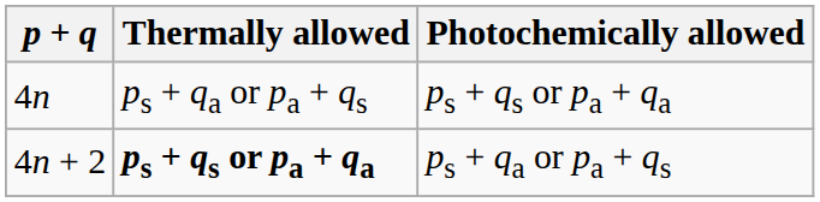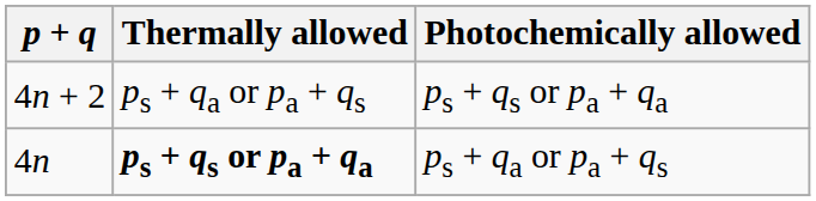 <table class="wikitable">
 <tr>
 <th><em>p</em> + <em>q</em></th>
 <th>Thermally allowed</th>
 <th>Photochemically allowed</th>
 </tr>
 <tr>
-<td>4<em>n</em></td>
+<td>4<em>n</em> + 2</td>
 <td><em>p</em><sub>s</sub> + <em>q</em><sub>a</sub> or <em>p</em><sub>a</sub> + <em>q</em><sub>s</sub></td>
 <td><em>p</em><sub>s</sub> + <em>q</em><sub>s</sub> or <em>p</em><sub>a</sub> + <em>q</em><sub>a</sub></td>
 </tr>
 <tr>
-<td>4<em>n</em> + 2</td>
+<td>4<em>n</em></td>
 <td><strong><em>p</em><sub>s</sub> + <em>q</em><sub>s</sub> or <em>p</em><sub>a</sub> + <em>q</em><sub>a</sub></strong></td>
 <td><em>p</em><sub>s</sub> + <em>q</em><sub>a</sub> or <em>p</em><sub>a</sub> + <em>q</em><sub>s</sub></td>
 </tr>
 </table>
